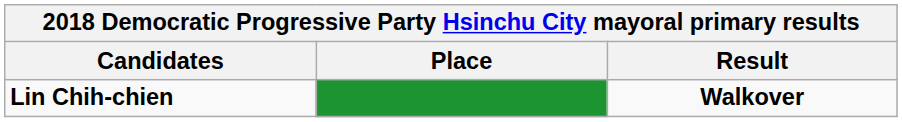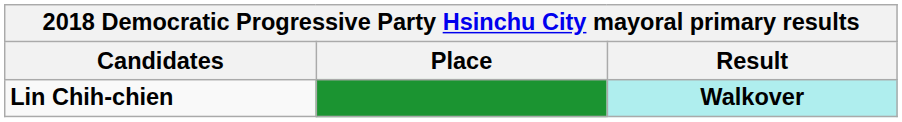 <table class="wikitable collapsible">
 <tr>
 <th colspan="5" width=600>2018 Democratic Progressive Party <a href='#'>Hsinchu City</a> mayoral primary results</th>
 </tr>
 <tr>
 <th width=80>Candidates</th>
 <th width=80>Place</th>
 <th width=80>Result</th>
 </tr>
 <tr>
 <td><strong>Lin Chih-chien</strong></td>
 <td style="background: #1B9431; text-align:center"><strong></strong></td>
-<td style="text-align:center"><strong>Walkover</strong></td>
+<td style="background: paleturquoise; text-align:center"><strong>Walkover</strong></td>
 </tr>
 </table>
